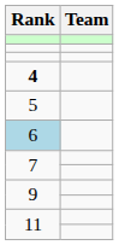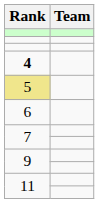 <table class="wikitable" style="text-align: left;">
 <tr>
 <th width=40>Rank</th>
 <th>Team</th>
 </tr>
 <tr bgcolor=#ccffcc>
 <td align=center></td>
 <td align="left"></td>
 </tr>
 <tr>
 <td align=center></td>
 <td align="left"></td>
 </tr>
 <tr>
 <td align=center></td>
 <td align="left"></td>
 </tr>
 <tr>
 <td align=center><strong>4</strong></td>
 <td align="left"></td>
 </tr>
 <tr>
-<td align=center>5</td>
+<td align=center style="background: khaki;">5</td>
 <td align="left"></td>
 </tr>
 <tr>
-<td align=center style="background: lightblue;">6</td>
+<td align=center>6</td>
 <td align="left"></td>
 </tr>
 <tr>
 <td align=center rowspan=2>7</td>
 <td align="left"></td>
 </tr>
 <tr>
 <td align="left"></td>
 </tr>
 <tr>
 <td align=center rowspan=2>9</td>
 <td align="left"></td>
 </tr>
 <tr>
 <td align="left"></td>
 </tr>
 <tr>
 <td align=center rowspan=2>11</td>
 <td align="left"></td>
 </tr>
 <tr>
 <td align="left"></td>
 </tr>
 </table>
